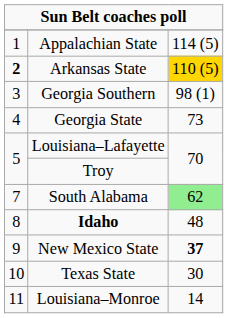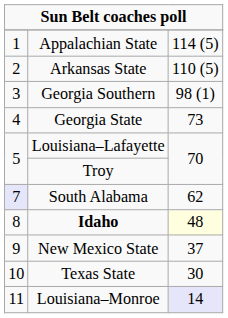 <table class="wikitable" style="display: inline-table;">
 <tr>
 <td align="center" Colspan="3"><strong>Sun Belt coaches poll</strong></td>
 </tr>
 <tr align="center">
 </tr>
 <tr align="center">
 <td>1</td>
 <td>Appalachian State</td>
 <td>114 (5)</td>
 </tr>
 <tr align="center">
-<td><strong>2</strong></td>
+<td>2</td>
 <td>Arkansas State</td>
-<td style="background: gold;">110 (5)</td>
+<td>110 (5)</td>
 </tr>
 <tr align="center">
 <td>3</td>
 <td>Georgia Southern</td>
 <td>98 (1)</td>
 </tr>
 <tr align="center">
 <td>4</td>
 <td>Georgia State</td>
 <td>73</td>
 </tr>
 <tr align="center">
 <td rowspan="2">5</td>
 <td>Louisiana–Lafayette</td>
 <td rowspan="2">70</td>
 </tr>
 <tr align="center">
 <td>Troy</td>
 </tr>
 <tr align="center">
-<td>7</td>
+<td style="background: lavender;">7</td>
 <td>South Alabama</td>
-<td style="background: lightgreen;">62</td>
+<td>62</td>
 </tr>
 <tr align="center">
 <td>8</td>
 <td><strong>Idaho</strong></td>
-<td>48</td>
+<td style="background: lightyellow;">48</td>
 </tr>
 <tr align="center">
 <td>9</td>
 <td>New Mexico State</td>
-<td><strong>37</strong></td>
+<td>37</td>
 </tr>
 <tr align="center">
 <td>10</td>
 <td>Texas State</td>
 <td>30</td>
 </tr>
 <tr align="center">
 <td>11</td>
 <td>Louisiana–Monroe</td>
-<td>14</td>
+<td style="background: lavender;">14</td>
 </tr>
 </table>
